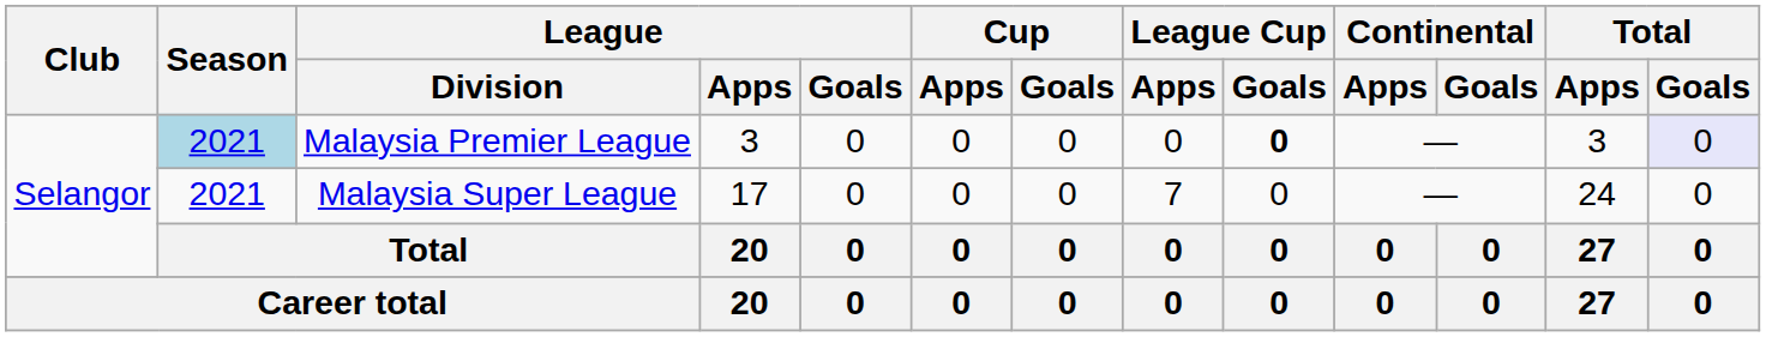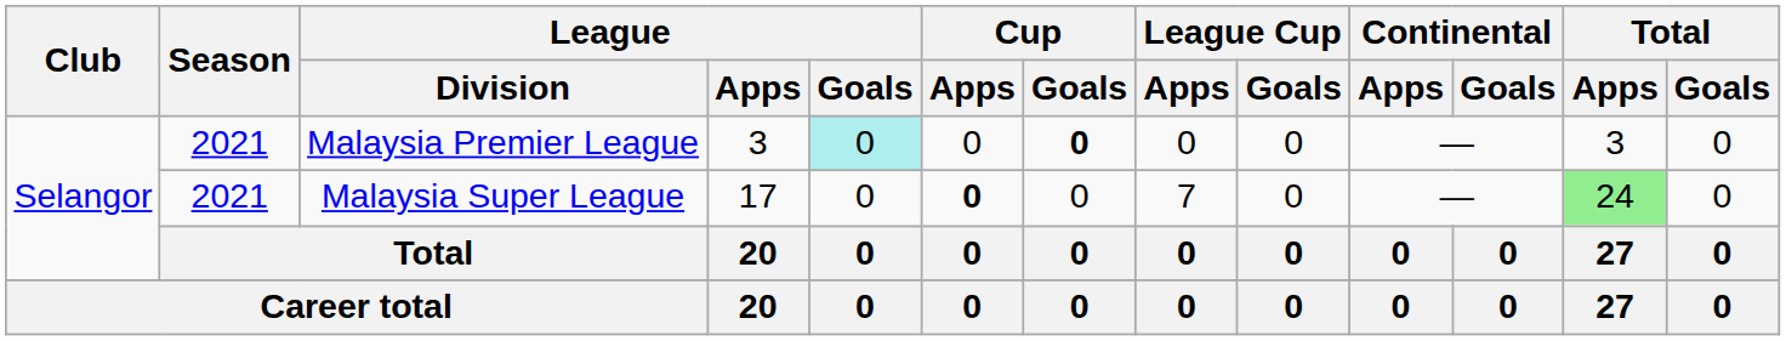 <table class="wikitable" style="text-align: center;">
 <tr>
 <th rowspan="2">Club</th>
 <th rowspan="2">Season</th>
 <th colspan="3">League</th>
 <th colspan="2">Cup</th>
 <th colspan="2">League Cup</th>
 <th colspan="2">Continental</th>
 <th colspan="2">Total</th>
 </tr>
 <tr>
 <th>Division</th>
 <th>Apps</th>
 <th>Goals</th>
 <th>Apps</th>
 <th>Goals</th>
 <th>Apps</th>
 <th>Goals</th>
 <th>Apps</th>
 <th>Goals</th>
 <th>Apps</th>
 <th>Goals</th>
 </tr>
 <tr>
 <td rowspan="3" valign="center"><a href='#'>Selangor</a></td>
-<td style="background: lightblue;"><a href='#'>2021</a></td>
+<td><a href='#'>2021</a></td>
 <td><a href='#'>Malaysia Premier League</a></td>
 <td>3</td>
+<td style="background: paleturquoise;">0</td>
+<td>0</td>
+<td><strong>0</strong></td>
 <td>0</td>
 <td>0</td>
-<td>0</td>
-<td>0</td>
-<td><strong>0</strong></td>
 <td colspan=2>—</td>
 <td>3</td>
-<td style="background: lavender;">0</td>
+<td>0</td>
 </tr>
 <tr>
 <td><a href='#'>2021</a></td>
 <td><a href='#'>Malaysia Super League</a></td>
 <td>17</td>
 <td>0</td>
-<td>0</td>
+<td><strong>0</strong></td>
 <td>0</td>
 <td>7</td>
 <td>0</td>
 <td colspan=2>—</td>
-<td>24</td>
+<td style="background: lightgreen;">24</td>
 <td>0</td>
 </tr>
 <tr>
 <th colspan="2">Total</th>
 <th>20</th>
 <th>0</th>
 <th>0</th>
 <th>0</th>
 <th>0</th>
 <th>0</th>
 <th>0</th>
 <th>0</th>
 <th>27</th>
 <th>0</th>
 </tr>
 <tr>
 <th colspan="3">Career total</th>
 <th>20</th>
 <th>0</th>
 <th>0</th>
 <th>0</th>
 <th>0</th>
 <th>0</th>
 <th>0</th>
 <th>0</th>
 <th>27</th>
 <th>0</th>
 </tr>
 </table>
